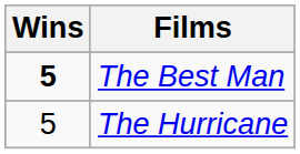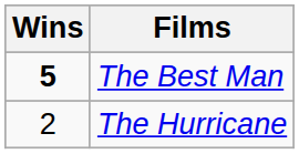 <table class="wikitable">
 <tr>
 <th>Wins</th>
 <th>Films</th>
 </tr>
 <tr>
 <td rowspan="1" style="text-align:center"><strong>5</strong></td>
 <td><em><a href='#'>The Best Man</a></em></td>
 </tr>
 <tr>
-<td rowspan="1" style="text-align:center">5</td>
+<td rowspan="1" style="text-align:center">2</td>
 <td><em><a href='#'>The Hurricane</a></em></td>
 </tr>
 </table>
